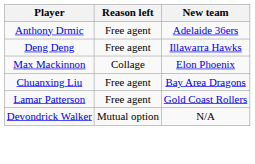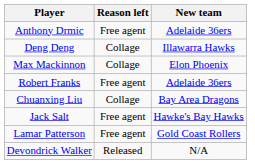 <table class="wikitable sortable sortable" style="text-align: center">
 <tr>
 <th>Player</th>
 <th>Reason left</th>
 <th>New team</th>
 </tr>
 <tr>
 <td><a href='#'>Anthony Drmic</a></td>
 <td>Free agent</td>
 <td><a href='#'>Adelaide 36ers</a></td>
 </tr>
 <tr>
 <td><a href='#'>Deng Deng</a></td>
-<td>Free agent</td>
+<td>Collage</td>
 <td><a href='#'>Illawarra Hawks</a></td>
 </tr>
 <tr>
 <td><a href='#'>Max Mackinnon</a></td>
 <td>Collage</td>
 <td><a href='#'>Elon Phoenix</a></td>
 </tr>
 <tr>
+<td><a href='#'>Robert Franks</a></td>
+<td>Free agent</td>
+<td><a href='#'>Adelaide 36ers</a></td>
+</tr>
+<tr>
 <td><a href='#'>Chuanxing Liu</a></td>
+<td>Collage</td>
+<td><a href='#'>Bay Area Dragons</a></td>
+</tr>
+<tr>
+<td><a href='#'>Jack Salt</a></td>
 <td>Free agent</td>
-<td><a href='#'>Bay Area Dragons</a></td>
+<td><a href='#'>Hawke's Bay Hawks</a></td>
 </tr>
 <tr>
 <td><a href='#'>Lamar Patterson</a></td>
 <td>Free agent</td>
 <td><a href='#'>Gold Coast Rollers</a></td>
 </tr>
 <tr>
 <td><a href='#'>Devondrick Walker</a></td>
-<td>Mutual option</td>
+<td>Released</td>
 <td>N/A</td>
 </tr>
 </table>
